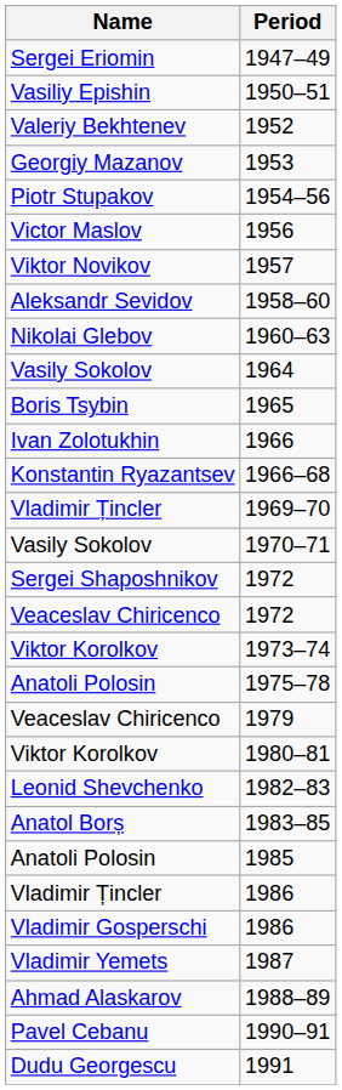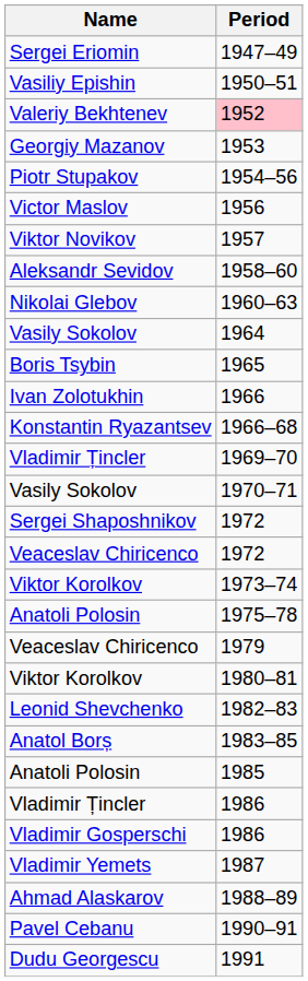 <table class="wikitable">
 <tr>
 <th>Name</th>
 <th>Period</th>
 </tr>
 <tr>
 <td> <a href='#'>Sergei Eriomin</a></td>
 <td align=left style="white-space:nowrap">1947–49</td>
 </tr>
 <tr>
 <td> <a href='#'>Vasiliy Epishin</a></td>
 <td>1950–51</td>
 </tr>
 <tr>
 <td> <a href='#'>Valeriy Bekhtenev</a></td>
-<td>1952</td>
+<td style="background: pink;">1952</td>
 </tr>
 <tr>
 <td> <a href='#'>Georgiy Mazanov</a></td>
 <td>1953</td>
 </tr>
 <tr>
 <td> <a href='#'>Piotr Stupakov</a></td>
 <td>1954–56</td>
 </tr>
 <tr>
 <td> <a href='#'>Victor Maslov</a></td>
 <td>1956</td>
 </tr>
 <tr>
 <td> <a href='#'>Viktor Novikov</a></td>
 <td>1957</td>
 </tr>
 <tr>
 <td> <a href='#'>Aleksandr Sevidov</a></td>
 <td>1958–60</td>
 </tr>
 <tr>
 <td> <a href='#'>Nikolai Glebov</a></td>
 <td>1960–63</td>
 </tr>
 <tr>
 <td> <a href='#'>Vasily Sokolov</a></td>
 <td>1964</td>
 </tr>
 <tr>
 <td> <a href='#'>Boris Tsybin</a></td>
 <td>1965</td>
 </tr>
 <tr>
 <td> <a href='#'>Ivan Zolotukhin</a></td>
 <td>1966</td>
 </tr>
 <tr>
 <td align=left style="white-space:nowrap"> <a href='#'>Konstantin Ryazantsev</a></td>
 <td>1966–68</td>
 </tr>
 <tr>
 <td> <a href='#'>Vladimir Țincler</a></td>
 <td>1969–70</td>
 </tr>
 <tr>
 <td> Vasily Sokolov</td>
 <td>1970–71</td>
 </tr>
 <tr>
 <td> <a href='#'>Sergei Shaposhnikov</a></td>
 <td>1972</td>
 </tr>
 <tr>
 <td> <a href='#'>Veaceslav Chiricenco</a></td>
 <td>1972</td>
 </tr>
 <tr>
 <td> <a href='#'>Viktor Korolkov</a></td>
 <td>1973–74</td>
 </tr>
 <tr>
 <td> <a href='#'>Anatoli Polosin</a></td>
 <td>1975–78</td>
 </tr>
 <tr>
 <td> Veaceslav Chiricenco</td>
 <td>1979</td>
 </tr>
 <tr>
 <td> Viktor Korolkov</td>
 <td>1980–81</td>
 </tr>
 <tr>
 <td> <a href='#'>Leonid Shevchenko</a></td>
 <td>1982–83</td>
 </tr>
 <tr>
 <td> <a href='#'>Anatol Borș</a></td>
 <td>1983–85</td>
 </tr>
 <tr>
 <td> Anatoli Polosin</td>
 <td>1985</td>
 </tr>
 <tr>
 <td> Vladimir Țincler</td>
 <td>1986</td>
 </tr>
 <tr>
 <td> <a href='#'>Vladimir Gosperschi</a></td>
 <td>1986</td>
 </tr>
 <tr>
 <td> <a href='#'>Vladimir Yemets</a></td>
 <td>1987</td>
 </tr>
 <tr>
 <td> <a href='#'>Ahmad Alaskarov</a></td>
 <td>1988–89</td>
 </tr>
 <tr>
 <td> <a href='#'>Pavel Cebanu</a></td>
 <td>1990–91</td>
 </tr>
 <tr>
 <td> <a href='#'>Dudu Georgescu</a></td>
 <td>1991</td>
 </tr>
 </table>
